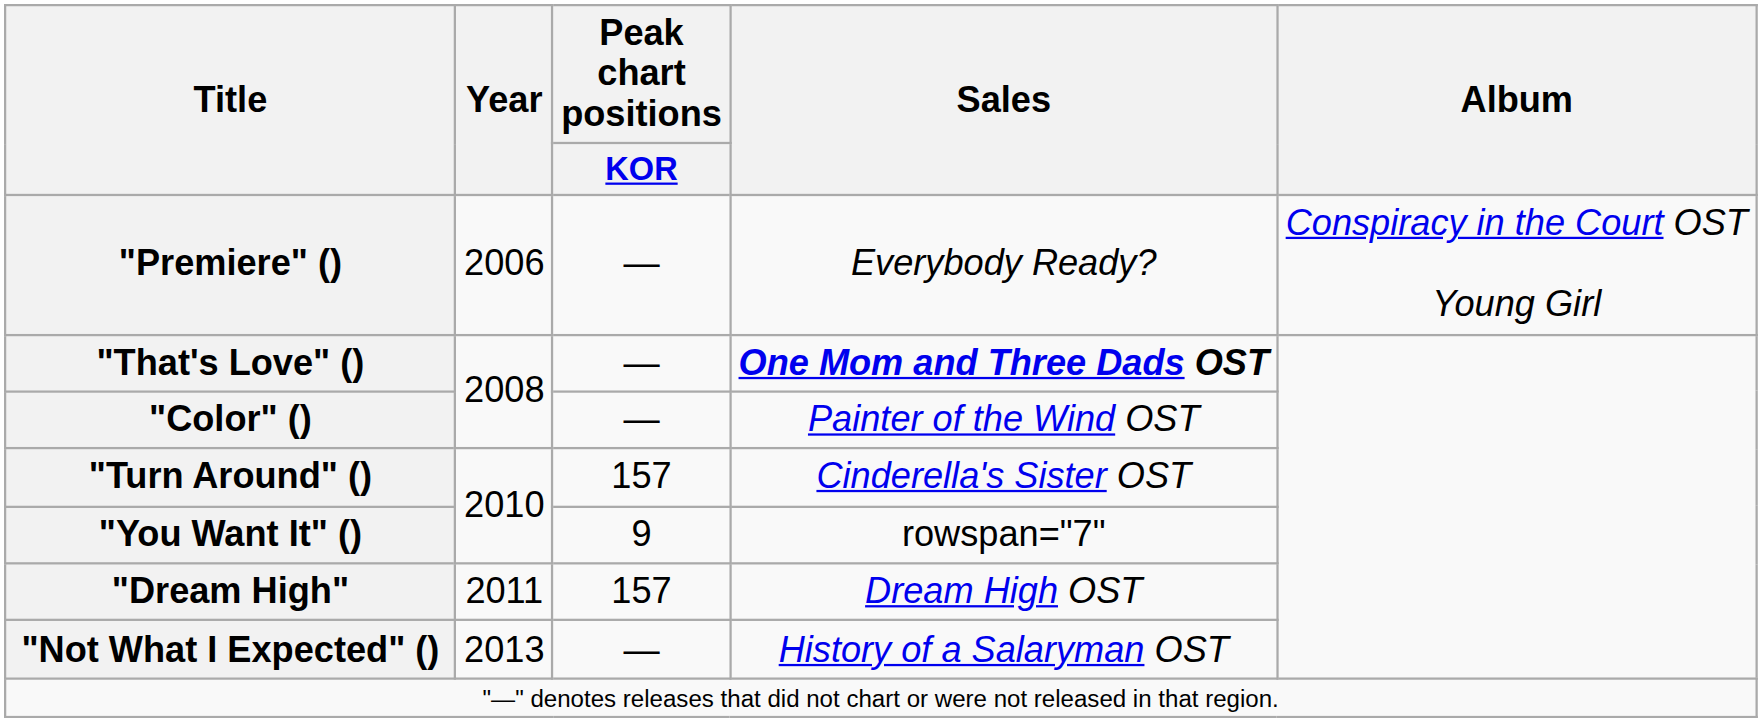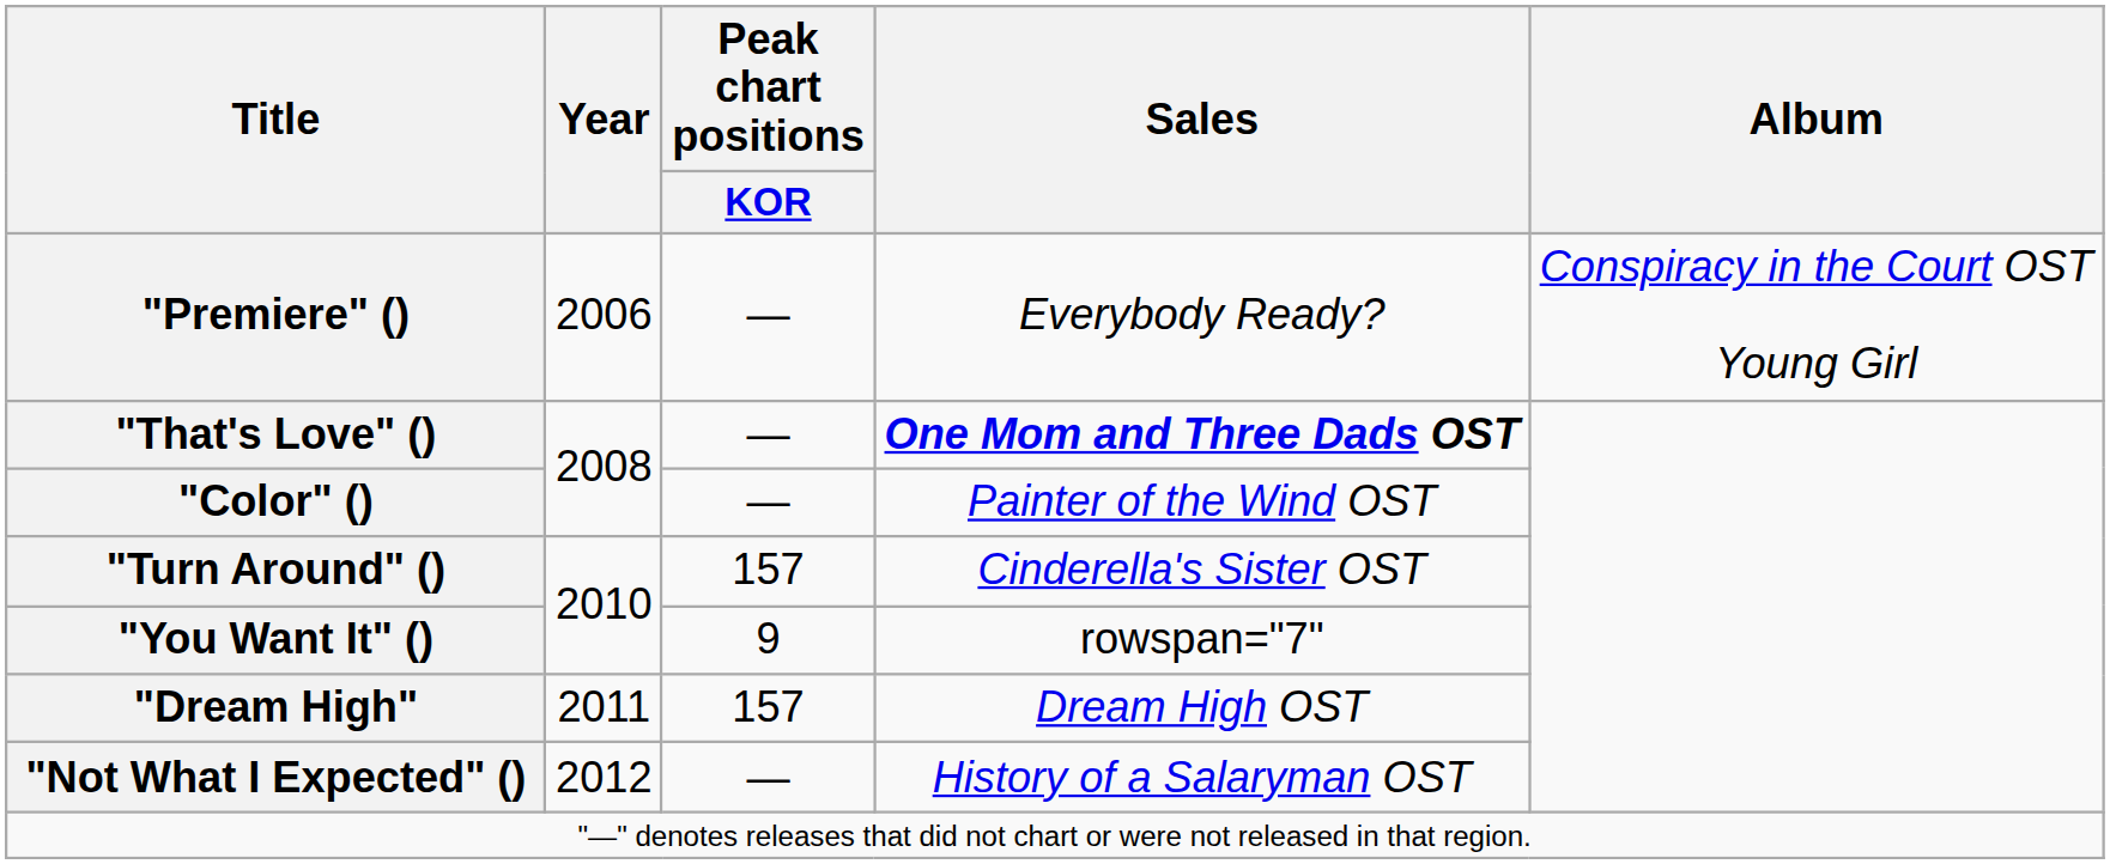 <table class="wikitable plainrowheaders" style="text-align:center;">
 <tr>
 <th rowspan=2 style="width:12em;">Title</th>
 <th rowspan=2>Year</th>
 <th colspan="1">Peak chart positions</th>
 <th rowspan=2>Sales</th>
 <th rowspan=2>Album</th>
 </tr>
 <tr>
 <th scope="col" style="width:3.5em;font-size:90%;"><a href='#'>KOR</a></th>
 </tr>
 <tr>
 <th scope=row>"Premiere" ()</th>
 <td>2006</td>
 <td>—</td>
 <td><em>Everybody Ready?</em></td>
 <td><em><a href='#'>Conspiracy in the Court</a> OST</em><br><br><em>Young Girl</em></td>
 </tr>
 <tr>
 <th scope=row>"That's Love" ()</th>
 <td rowspan="2">2008</td>
 <td>—</td>
 <td><strong><em><a href='#'>One Mom and Three Dads</a> OST</em></strong></td>
 </tr>
 <tr>
 <th scope=row>"Color" ()</th>
 <td>—</td>
 <td><em><a href='#'>Painter of the Wind</a> OST</em></td>
 </tr>
 <tr>
 <th scope=row>"Turn Around" ()</th>
 <td rowspan="2">2010</td>
 <td>157</td>
 <td><em><a href='#'>Cinderella's Sister</a> OST</em></td>
 </tr>
 <tr>
 <th scope=row>"You Want It" ()<br></th>
 <td>9</td>
 <td>rowspan="7" </td>
 </tr>
 <tr>
 <th scope=row>"Dream High" </th>
 <td>2011</td>
 <td>157</td>
 <td><em><a href='#'>Dream High</a> OST</em></td>
 </tr>
 <tr>
 <th scope=row>"Not What I Expected" ()</th>
-<td>2013</td>
+<td>2012</td>
 <td>—</td>
 <td><em><a href='#'>History of a Salaryman</a> OST</em></td>
 </tr>
 <tr>
 <td colspan="17" style="text-align:center; font-size:8pt;">"—" denotes releases that did not chart or were not released in that region.</td>
 </tr>
 </table>
